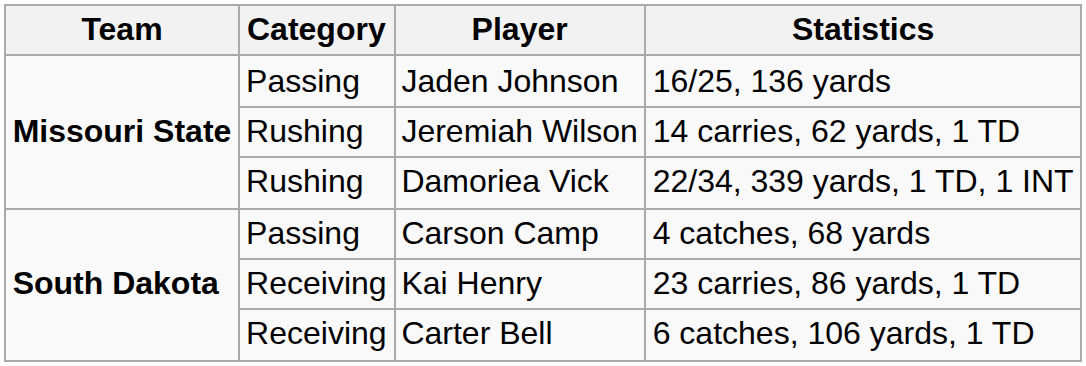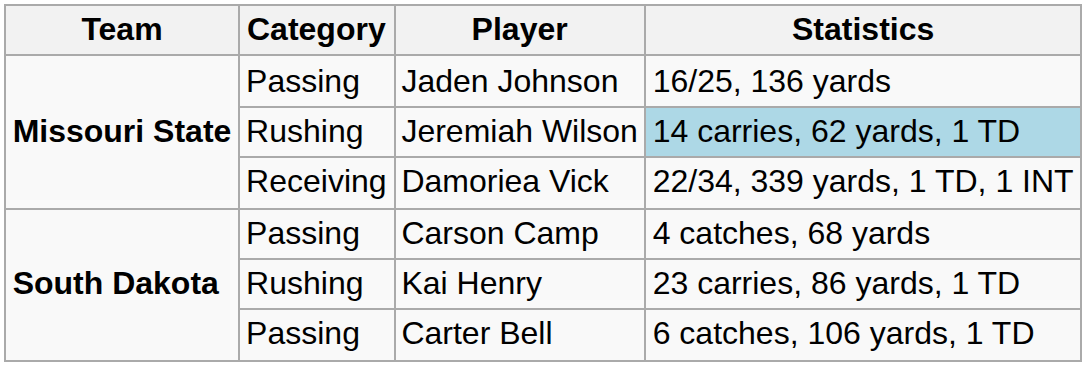 <table class="wikitable" style="float: right;">
 <tr>
 <th>Team</th>
 <th>Category</th>
 <th>Player</th>
 <th>Statistics</th>
 </tr>
 <tr>
 <td rowspan=3><strong>Missouri State</strong></td>
 <td>Passing</td>
 <td>Jaden Johnson</td>
 <td>16/25, 136 yards</td>
 </tr>
 <tr>
 <td>Rushing</td>
 <td>Jeremiah Wilson</td>
-<td>14 carries, 62 yards, 1 TD</td>
+<td style="background: lightblue;">14 carries, 62 yards, 1 TD</td>
 </tr>
 <tr>
-<td>Rushing</td>
+<td>Receiving</td>
 <td>Damoriea Vick</td>
 <td>22/34, 339 yards, 1 TD, 1 INT</td>
 </tr>
 <tr>
 <td rowspan=3><strong>South Dakota</strong></td>
 <td>Passing</td>
 <td>Carson Camp</td>
 <td>4 catches, 68 yards</td>
 </tr>
 <tr>
-<td>Receiving</td>
+<td>Rushing</td>
 <td>Kai Henry</td>
 <td>23 carries, 86 yards, 1 TD</td>
 </tr>
 <tr>
-<td>Receiving</td>
+<td>Passing</td>
 <td>Carter Bell</td>
 <td>6 catches, 106 yards, 1 TD</td>
 </tr>
 </table>
